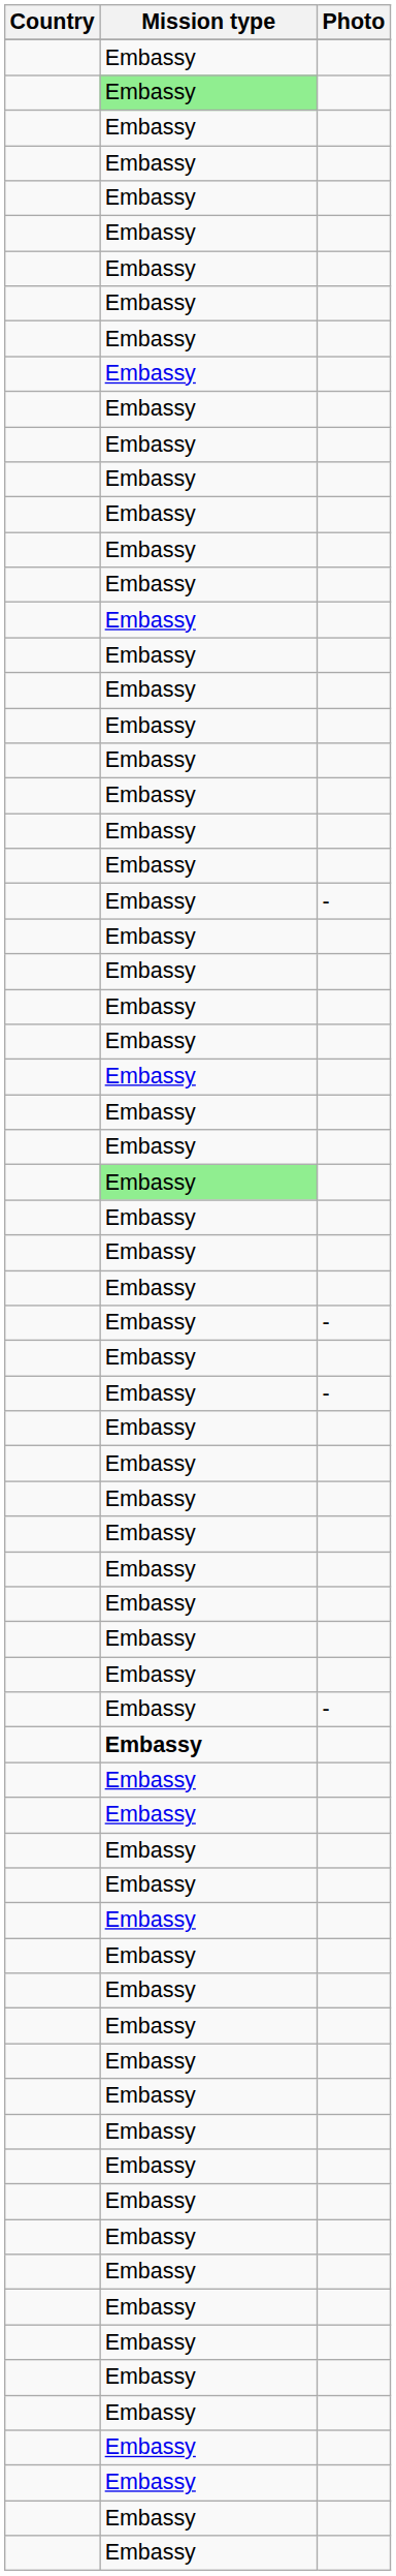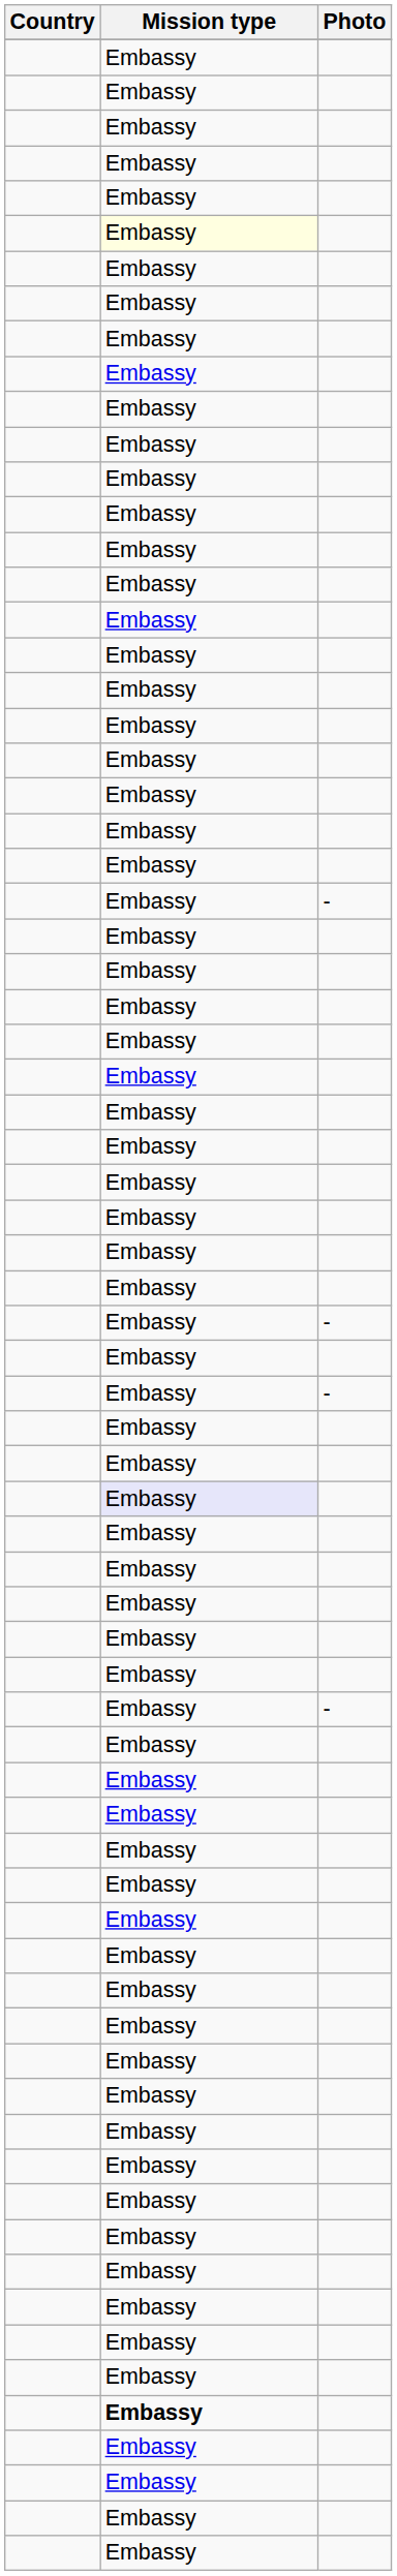 <table class="wikitable sortable">
 <tr valign="middle">
 <th>Country</th>
 <th width=150px>Mission type</th>
 <th>Photo</th>
 </tr>
 <tr style="font-weight:bold; background-color: #DDDDDD">
 </tr>
 <tr>
 <td></td>
 <td>Embassy</td>
-<td></td>
-</tr>
-<tr>
-<td></td>
-<td style="background: lightgreen;">Embassy</td>
 <td></td>
 </tr>
 <tr>
 <td></td>
 <td>Embassy</td>
 <td></td>
 </tr>
 <tr>
 <td></td>
 <td>Embassy</td>
 <td></td>
 </tr>
 <tr>
 <td></td>
 <td>Embassy</td>
 <td></td>
 </tr>
 <tr>
 <td></td>
 <td>Embassy</td>
+<td></td>
+</tr>
+<tr>
+<td></td>
+<td style="background: lightyellow;">Embassy</td>
 <td></td>
 </tr>
 <tr>
 <td></td>
 <td>Embassy</td>
 <td></td>
 </tr>
 <tr>
 <td></td>
 <td>Embassy</td>
 <td></td>
 </tr>
 <tr>
 <td></td>
 <td>Embassy</td>
 <td></td>
 </tr>
 <tr>
 <td></td>
 <td><a href='#'>Embassy</a></td>
 <td></td>
 </tr>
 <tr>
 <td></td>
 <td>Embassy</td>
 <td></td>
 </tr>
 <tr>
 <td></td>
 <td>Embassy</td>
 <td></td>
 </tr>
 <tr>
 <td></td>
 <td>Embassy</td>
 <td></td>
 </tr>
 <tr>
 <td></td>
 <td>Embassy</td>
 <td></td>
 </tr>
 <tr>
 <td></td>
 <td>Embassy</td>
 <td></td>
 </tr>
 <tr>
 <td></td>
 <td>Embassy</td>
 <td></td>
 </tr>
 <tr>
 <td></td>
 <td><a href='#'>Embassy</a></td>
 <td></td>
 </tr>
 <tr>
 <td></td>
 <td>Embassy</td>
 <td></td>
 </tr>
 <tr>
 <td></td>
 <td>Embassy</td>
 <td></td>
 </tr>
 <tr>
 <td></td>
 <td>Embassy</td>
 <td></td>
 </tr>
 <tr>
 <td></td>
 <td>Embassy</td>
 <td></td>
 </tr>
 <tr>
 <td></td>
 <td>Embassy</td>
 <td></td>
 </tr>
 <tr>
 <td></td>
 <td>Embassy</td>
 <td></td>
 </tr>
 <tr>
 <td></td>
 <td>Embassy</td>
 <td></td>
 </tr>
 <tr>
 <td></td>
 <td>Embassy</td>
 <td>-</td>
 </tr>
 <tr>
 <td></td>
 <td>Embassy</td>
 <td></td>
 </tr>
 <tr>
 <td></td>
 <td>Embassy</td>
 <td></td>
 </tr>
 <tr>
 <td></td>
 <td>Embassy</td>
 <td></td>
 </tr>
 <tr>
 <td></td>
 <td>Embassy</td>
 <td></td>
 </tr>
 <tr>
 <td></td>
 <td><a href='#'>Embassy</a></td>
 <td></td>
 </tr>
 <tr>
 <td></td>
 <td>Embassy</td>
 <td></td>
 </tr>
 <tr>
 <td></td>
 <td>Embassy</td>
 <td></td>
 </tr>
 <tr>
 <td></td>
-<td style="background: lightgreen;">Embassy</td>
+<td>Embassy</td>
 <td></td>
 </tr>
 <tr>
 <td></td>
 <td>Embassy</td>
 <td></td>
 </tr>
 <tr>
 <td></td>
 <td>Embassy</td>
 <td></td>
 </tr>
 <tr>
 <td></td>
 <td>Embassy</td>
 <td></td>
 </tr>
 <tr>
 <td></td>
 <td>Embassy</td>
 <td>-</td>
 </tr>
 <tr>
 <td></td>
 <td>Embassy</td>
 <td></td>
 </tr>
 <tr>
 <td></td>
 <td>Embassy</td>
 <td>-</td>
 </tr>
 <tr>
 <td></td>
 <td>Embassy</td>
 <td></td>
 </tr>
 <tr>
 <td></td>
 <td>Embassy</td>
 <td></td>
 </tr>
 <tr>
 <td></td>
-<td>Embassy</td>
+<td style="background: lavender;">Embassy</td>
 <td></td>
 </tr>
 <tr>
 <td></td>
 <td>Embassy</td>
 <td></td>
 </tr>
 <tr>
 <td></td>
 <td>Embassy</td>
 <td></td>
 </tr>
 <tr>
 <td></td>
 <td>Embassy</td>
 <td></td>
 </tr>
 <tr>
 <td></td>
 <td>Embassy</td>
 <td></td>
 </tr>
 <tr>
 <td></td>
 <td>Embassy</td>
 <td></td>
 </tr>
 <tr>
 <td></td>
 <td>Embassy</td>
 <td>-</td>
 </tr>
 <tr>
 <td></td>
-<td><strong>Embassy</strong></td>
+<td>Embassy</td>
 <td></td>
 </tr>
 <tr>
 <td></td>
 <td><a href='#'>Embassy</a></td>
 <td></td>
 </tr>
 <tr>
 <td></td>
 <td><a href='#'>Embassy</a></td>
 <td></td>
 </tr>
 <tr>
 <td></td>
 <td>Embassy</td>
 <td></td>
 </tr>
 <tr>
 <td></td>
 <td>Embassy</td>
 <td></td>
 </tr>
 <tr>
 <td></td>
 <td><a href='#'>Embassy</a></td>
 <td></td>
 </tr>
 <tr>
 <td></td>
 <td>Embassy</td>
 <td></td>
 </tr>
 <tr>
 <td></td>
 <td>Embassy</td>
 <td></td>
 </tr>
 <tr>
 <td></td>
 <td>Embassy</td>
 <td></td>
 </tr>
 <tr>
 <td></td>
 <td>Embassy</td>
 <td></td>
 </tr>
 <tr>
 <td></td>
 <td>Embassy</td>
 <td></td>
 </tr>
 <tr>
 <td></td>
 <td>Embassy</td>
 <td></td>
 </tr>
 <tr>
 <td></td>
 <td>Embassy</td>
 <td></td>
 </tr>
 <tr>
 <td></td>
 <td>Embassy</td>
 <td></td>
 </tr>
 <tr>
 <td></td>
 <td>Embassy</td>
 <td></td>
 </tr>
 <tr>
 <td></td>
 <td>Embassy</td>
 <td></td>
 </tr>
 <tr>
 <td></td>
 <td>Embassy</td>
 <td></td>
 </tr>
 <tr>
 <td></td>
 <td>Embassy</td>
 <td></td>
 </tr>
 <tr>
 <td></td>
 <td>Embassy</td>
 <td></td>
 </tr>
 <tr>
 <td></td>
-<td>Embassy</td>
+<td><strong>Embassy</strong></td>
 <td></td>
 </tr>
 <tr>
 <td></td>
 <td><a href='#'>Embassy</a></td>
 <td></td>
 </tr>
 <tr>
 <td></td>
 <td><a href='#'>Embassy</a></td>
 <td></td>
 </tr>
 <tr>
 <td></td>
 <td>Embassy</td>
 <td></td>
 </tr>
 <tr>
 <td></td>
 <td>Embassy</td>
 <td></td>
 </tr>
 </table>
